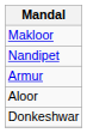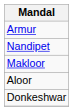 <table class="wikitable sortable static-row-numbers static-row-header-hash">
 <tr>
 <th>Mandal</th>
 </tr>
 <tr>
-<td><a href='#'>Makloor</a></td>
+<td><a href='#'>Armur</a></td>
 </tr>
 <tr>
 <td><a href='#'>Nandipet</a></td>
 </tr>
 <tr>
-<td><a href='#'>Armur</a></td>
+<td><a href='#'>Makloor</a></td>
 </tr>
 <tr>
 <td>Aloor</td>
 </tr>
 <tr>
 <td>Donkeshwar</td>
 </tr>
 <tr>
 </tr>
 </table>
